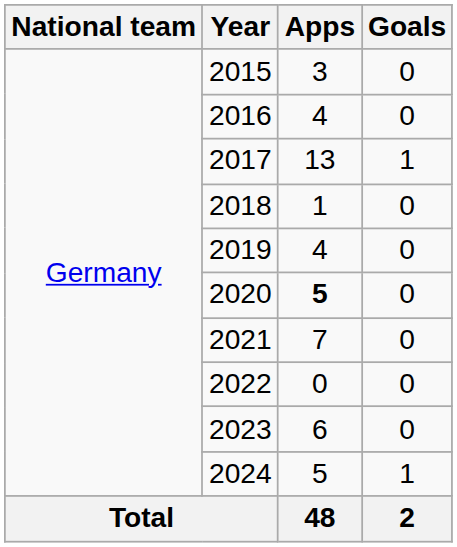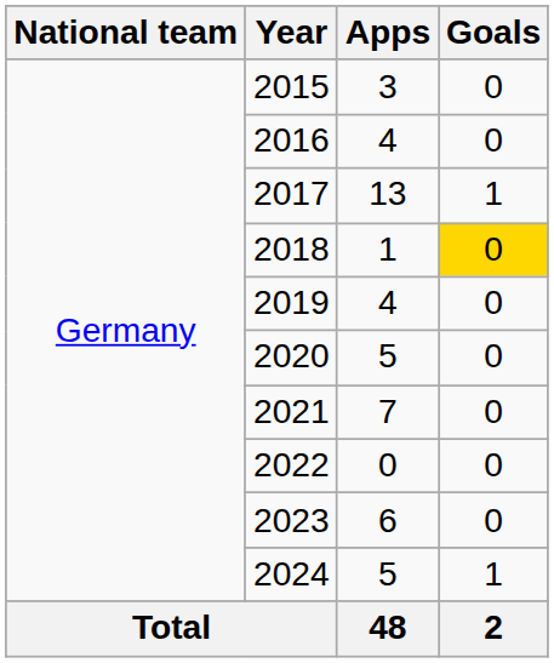 <table class="wikitable" style="text-align: center;">
 <tr>
 <th>National team</th>
 <th>Year</th>
 <th>Apps</th>
 <th>Goals</th>
 </tr>
 <tr>
 <td rowspan="10"><a href='#'>Germany</a></td>
 <td>2015</td>
 <td>3</td>
 <td>0</td>
 </tr>
 <tr>
 <td>2016</td>
 <td>4</td>
 <td>0</td>
 </tr>
 <tr>
 <td>2017</td>
 <td>13</td>
 <td>1</td>
 </tr>
 <tr>
 <td>2018</td>
 <td>1</td>
-<td>0</td>
+<td style="background: gold;">0</td>
 </tr>
 <tr>
 <td>2019</td>
 <td>4</td>
 <td>0</td>
 </tr>
 <tr>
 <td>2020</td>
-<td><strong>5</strong></td>
+<td>5</td>
 <td>0</td>
 </tr>
 <tr>
 <td>2021</td>
 <td>7</td>
 <td>0</td>
 </tr>
 <tr>
 <td>2022</td>
 <td>0</td>
 <td>0</td>
 </tr>
 <tr>
 <td>2023</td>
 <td>6</td>
 <td>0</td>
 </tr>
 <tr>
 <td>2024</td>
 <td>5</td>
 <td>1</td>
 </tr>
 <tr>
 <th colspan="2">Total</th>
 <th>48</th>
 <th>2</th>
 </tr>
 </table>
